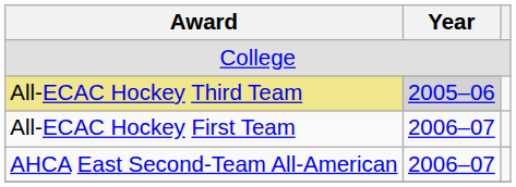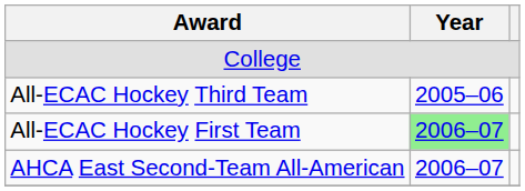 <table class="wikitable">
 <tr>
 <th>Award</th>
 <th>Year</th>
 <th></th>
 </tr>
 <tr ALIGN="center" bgcolor="#e0e0e0">
 <td colspan="3"><a href='#'>College</a></td>
 </tr>
 <tr>
-<td style="background: khaki;">All-<a href='#'>ECAC Hockey</a> <a href='#'>Third Team</a></td>
-<td style="background: lightgrey;"><a href='#'>2005–06</a></td>
+<td>All-<a href='#'>ECAC Hockey</a> <a href='#'>Third Team</a></td>
+<td><a href='#'>2005–06</a></td>
 <td></td>
 </tr>
 <tr>
 <td>All-<a href='#'>ECAC Hockey</a> <a href='#'>First Team</a></td>
-<td><a href='#'>2006–07</a></td>
+<td style="background: lightgreen;"><a href='#'>2006–07</a></td>
 <td></td>
 </tr>
 <tr>
 <td><a href='#'>AHCA</a> <a href='#'>East Second-Team All-American</a></td>
 <td><a href='#'>2006–07</a></td>
 <td></td>
 </tr>
 <tr>
 </tr>
 </table>
